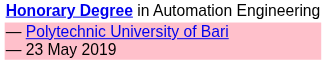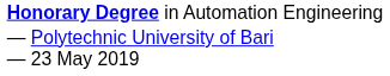 <table>
 <tr>
 <td rowspan="2" style="width:60px; vertical-align:top;"></td>
 <td><strong><a href='#'>Honorary Degree</a></strong> in Automation Engineering</td>
 </tr>
 <tr>
-<td style="background: pink;">— <a href='#'>Polytechnic University of Bari</a><br>— 23 May 2019 </td>
+<td>— <a href='#'>Polytechnic University of Bari</a><br>— 23 May 2019 </td>
 </tr>
 </table>
